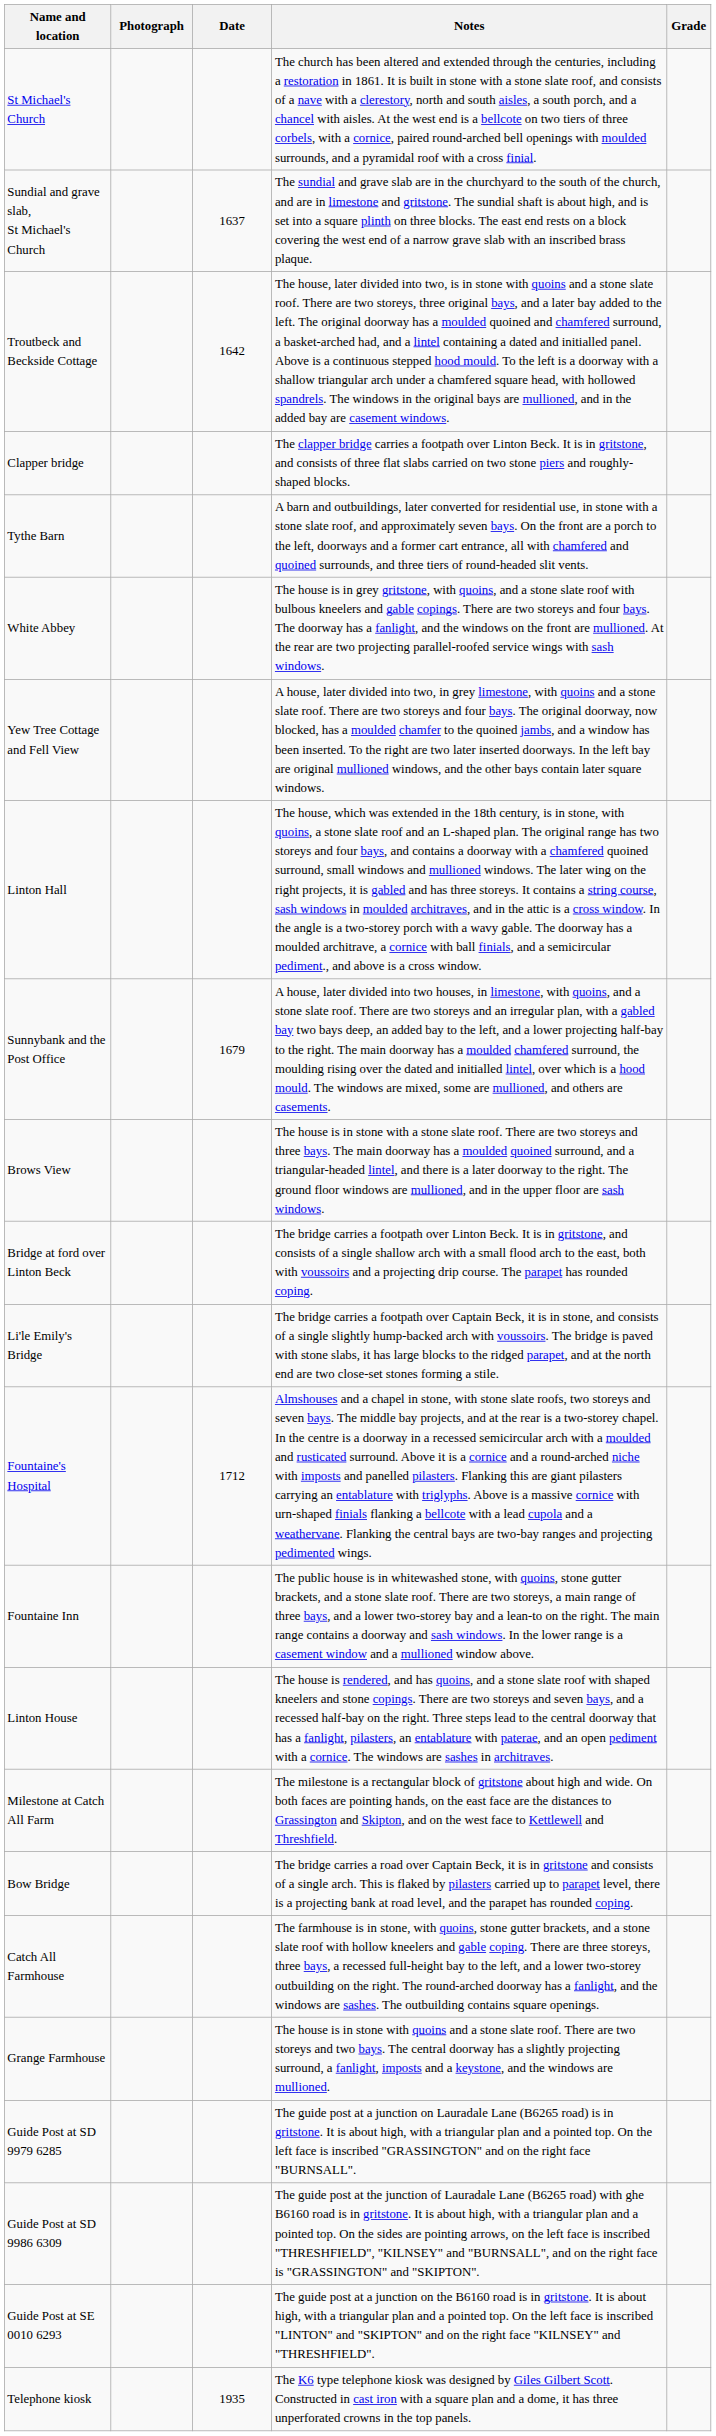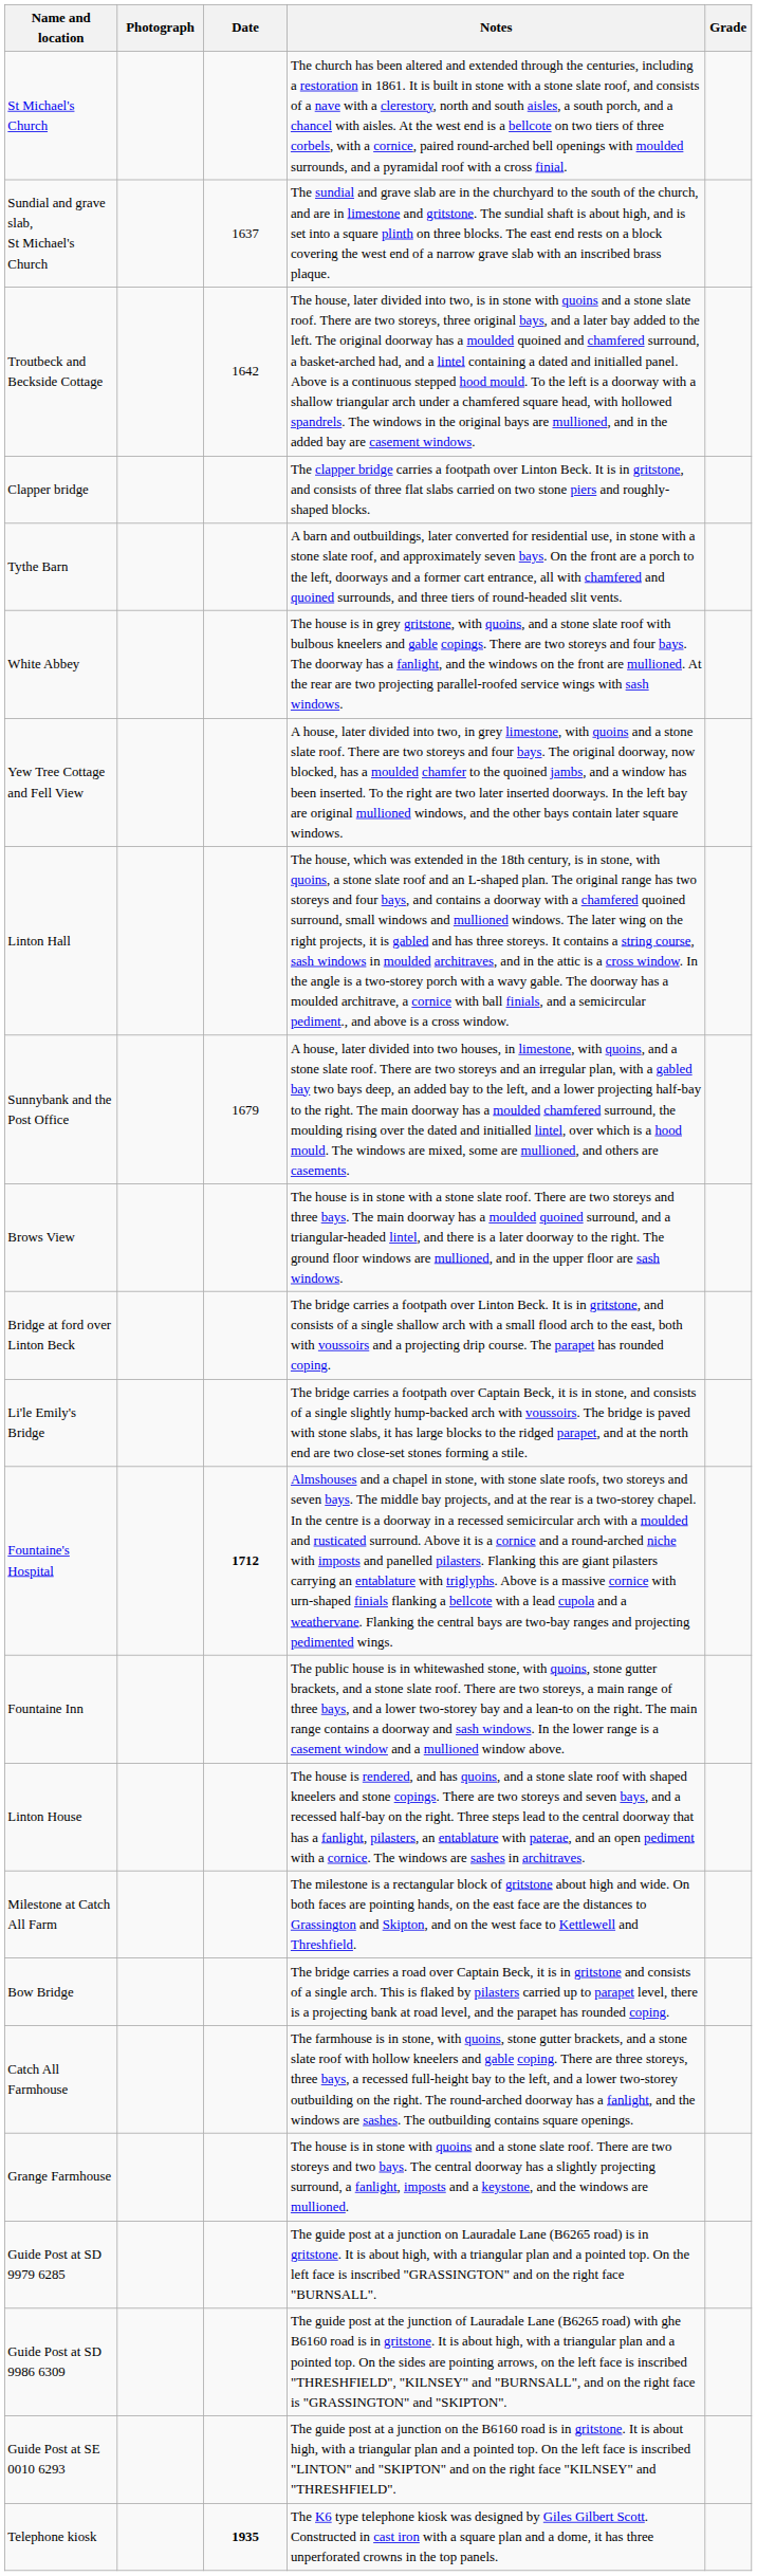 <table class="wikitable sortable plainrowheaders" style="width:100%; border:0px; text-align:left; line-height:150%">
 <tr>
 <th scope="col"  style="width:150px">Name and location</th>
 <th scope="col"  style="width:100px" class="unsortable">Photograph</th>
 <th scope="col"  style="width:120px">Date</th>
 <th scope="col"  style="width:650px" class="unsortable">Notes</th>
 <th scope="col"  style="width:50px">Grade</th>
 </tr>
 <tr>
 <td><a href='#'>St Michael's Church</a><br><small></small></td>
 <td></td>
 <td align="center"></td>
 <td>The church has been altered and extended through the centuries, including a <a href='#'>restoration</a> in 1861.  It is built in stone with a stone slate roof, and consists of a <a href='#'>nave</a> with a <a href='#'>clerestory</a>, north and south <a href='#'>aisles</a>, a south porch, and a <a href='#'>chancel</a> with aisles. At the west end is a <a href='#'>bellcote</a> on two tiers of three <a href='#'>corbels</a>, with a <a href='#'>cornice</a>, paired round-arched bell openings with <a href='#'>moulded</a> surrounds, and a pyramidal roof with a cross <a href='#'>finial</a>.</td>
 <td align="center" ></td>
 </tr>
 <tr>
 <td>Sundial and grave slab,<br>St Michael's Church<br><small></small></td>
 <td></td>
 <td align="center">1637</td>
 <td>The <a href='#'>sundial</a> and grave slab are in the churchyard to the south of the church, and are in <a href='#'>limestone</a> and <a href='#'>gritstone</a>. The sundial shaft is about  high, and is set into a square <a href='#'>plinth</a> on three blocks. The east end rests on a block covering the west end of a narrow grave slab with an inscribed brass plaque.</td>
 <td align="center" ></td>
 </tr>
 <tr>
 <td>Troutbeck and Beckside Cottage<br><small></small></td>
 <td></td>
 <td align="center">1642</td>
 <td>The house, later divided into two, is in stone with <a href='#'>quoins</a> and a stone slate roof. There are two storeys, three original <a href='#'>bays</a>, and a later bay added to the left. The original doorway has a <a href='#'>moulded</a> quoined and <a href='#'>chamfered</a> surround, a basket-arched had, and a <a href='#'>lintel</a> containing a dated and initialled panel. Above is a continuous stepped <a href='#'>hood mould</a>. To the left is a doorway with a shallow triangular arch under a chamfered square head, with hollowed <a href='#'>spandrels</a>. The windows in the original bays are <a href='#'>mullioned</a>, and in the added bay are <a href='#'>casement windows</a>.</td>
 <td align="center" ></td>
 </tr>
 <tr>
 <td>Clapper bridge<br><small></small></td>
 <td></td>
 <td align="center"></td>
 <td>The <a href='#'>clapper bridge</a> carries a footpath over Linton Beck. It is in <a href='#'>gritstone</a>, and consists of three flat slabs carried on two stone <a href='#'>piers</a> and roughly-shaped blocks.</td>
 <td align="center" ></td>
 </tr>
 <tr>
 <td>Tythe Barn<br><small></small></td>
 <td></td>
 <td align="center"></td>
 <td>A barn and outbuildings, later converted for residential use, in stone with a stone slate roof, and approximately seven <a href='#'>bays</a>. On the front are a porch to the left, doorways and a former cart entrance, all with <a href='#'>chamfered</a> and <a href='#'>quoined</a> surrounds, and three tiers of round-headed slit vents.</td>
 <td align="center" ></td>
 </tr>
 <tr>
 <td>White Abbey<br><small></small></td>
 <td></td>
 <td align="center"></td>
 <td>The house is in grey <a href='#'>gritstone</a>, with <a href='#'>quoins</a>, and a stone slate roof with bulbous kneelers and <a href='#'>gable</a> <a href='#'>copings</a>. There are two storeys and four <a href='#'>bays</a>. The doorway has a <a href='#'>fanlight</a>, and the windows on the front are <a href='#'>mullioned</a>. At the rear are two projecting parallel-roofed service wings with <a href='#'>sash windows</a>.</td>
 <td align="center" ></td>
 </tr>
 <tr>
 <td>Yew Tree Cottage and Fell View<br><small></small></td>
 <td></td>
 <td align="center"></td>
 <td>A house, later divided into two, in grey <a href='#'>limestone</a>, with <a href='#'>quoins</a> and a stone slate roof. There are two storeys and four <a href='#'>bays</a>. The original doorway, now blocked, has a <a href='#'>moulded</a> <a href='#'>chamfer</a> to the quoined <a href='#'>jambs</a>, and a window has been inserted. To the right are two later inserted doorways. In the left bay are original <a href='#'>mullioned</a> windows, and the other bays contain later square windows.</td>
 <td align="center" ></td>
 </tr>
 <tr>
 <td>Linton Hall<br><small></small></td>
 <td></td>
 <td align="center"></td>
 <td>The house, which was extended in the 18th century, is in stone, with <a href='#'>quoins</a>, a stone slate roof and an L-shaped plan. The original range has two storeys and four <a href='#'>bays</a>, and contains a doorway with a <a href='#'>chamfered</a> quoined surround, small windows and <a href='#'>mullioned</a> windows. The later wing on the right projects, it is <a href='#'>gabled</a> and has three storeys. It contains a <a href='#'>string course</a>, <a href='#'>sash windows</a> in <a href='#'>moulded</a> <a href='#'>architraves</a>, and in the attic is a <a href='#'>cross window</a>. In the angle is a two-storey porch with a wavy gable. The doorway has a moulded architrave, a <a href='#'>cornice</a> with ball <a href='#'>finials</a>, and a semicircular <a href='#'>pediment</a>., and above is a cross window.</td>
 <td align="center" ></td>
 </tr>
 <tr>
 <td>Sunnybank and the Post Office<br><small></small></td>
 <td></td>
 <td align="center">1679</td>
 <td>A house, later divided into two houses, in <a href='#'>limestone</a>, with <a href='#'>quoins</a>, and a stone slate roof. There are two storeys and an irregular plan, with a <a href='#'>gabled</a> <a href='#'>bay</a> two bays deep, an added bay to the left, and a lower projecting half-bay to the right. The main doorway has a <a href='#'>moulded</a> <a href='#'>chamfered</a> surround, the moulding rising over the dated and initialled <a href='#'>lintel</a>, over which is a <a href='#'>hood mould</a>. The windows are mixed, some are <a href='#'>mullioned</a>, and others are <a href='#'>casements</a>.</td>
 <td align="center" ></td>
 </tr>
 <tr>
 <td>Brows View<br><small></small></td>
 <td></td>
 <td align="center"></td>
 <td>The house is in stone with a stone slate roof. There are two storeys and three <a href='#'>bays</a>. The main doorway has a <a href='#'>moulded</a> <a href='#'>quoined</a> surround, and a triangular-headed <a href='#'>lintel</a>, and there is a later doorway to the right. The ground floor windows are <a href='#'>mullioned</a>, and in the upper floor are <a href='#'>sash windows</a>.</td>
 <td align="center" ></td>
 </tr>
 <tr>
 <td>Bridge at ford over Linton Beck<br><small></small></td>
 <td></td>
 <td align="center"></td>
 <td>The bridge carries a footpath over Linton Beck. It is in <a href='#'>gritstone</a>, and consists of a single shallow arch with a small flood arch to the east, both with <a href='#'>voussoirs</a> and a projecting drip course. The <a href='#'>parapet</a> has rounded <a href='#'>coping</a>.</td>
 <td align="center" ></td>
 </tr>
 <tr>
 <td>Li'le Emily's Bridge<br><small></small></td>
 <td></td>
 <td align="center"></td>
 <td>The bridge carries a footpath over Captain Beck, it is in stone, and consists of a single slightly hump-backed arch with <a href='#'>voussoirs</a>. The bridge is paved with stone slabs, it has large blocks to the ridged <a href='#'>parapet</a>, and at the north end are two close-set stones forming a stile.</td>
 <td align="center" ></td>
 </tr>
 <tr>
 <td><a href='#'>Fountaine's Hospital</a><br><small></small></td>
 <td></td>
-<td align="center">1712</td>
+<td align="center"><strong>1712</strong></td>
 <td><a href='#'>Almshouses</a> and a chapel in stone, with stone slate roofs, two storeys and seven <a href='#'>bays</a>. The middle bay projects, and at the rear is a two-storey chapel. In the centre is a doorway in a recessed semicircular arch with a <a href='#'>moulded</a> and <a href='#'>rusticated</a> surround. Above it is a <a href='#'>cornice</a> and a round-arched <a href='#'>niche</a> with <a href='#'>imposts</a> and panelled <a href='#'>pilasters</a>. Flanking this are giant pilasters carrying an <a href='#'>entablature</a> with <a href='#'>triglyphs</a>. Above is a massive <a href='#'>cornice</a> with urn-shaped <a href='#'>finials</a> flanking a <a href='#'>bellcote</a> with a lead <a href='#'>cupola</a> and a <a href='#'>weathervane</a>. Flanking the central bays are two-bay ranges and projecting <a href='#'>pedimented</a> wings.</td>
 <td align="center" ></td>
 </tr>
 <tr>
 <td>Fountaine Inn<br><small></small></td>
 <td></td>
 <td align="center"></td>
 <td>The public house is in whitewashed stone, with <a href='#'>quoins</a>, stone gutter brackets, and a stone slate roof. There are two storeys, a main range of three <a href='#'>bays</a>, and a lower two-storey bay and a lean-to on the right. The main range contains a doorway and <a href='#'>sash windows</a>. In the lower range is a <a href='#'>casement window</a> and a <a href='#'>mullioned</a> window above.</td>
 <td align="center" ></td>
 </tr>
 <tr>
 <td>Linton House<br><small></small></td>
 <td></td>
 <td align="center"></td>
 <td>The house is <a href='#'>rendered</a>, and has <a href='#'>quoins</a>, and a stone slate roof with shaped kneelers and stone <a href='#'>copings</a>. There are two storeys and seven <a href='#'>bays</a>, and a recessed half-bay on the right. Three steps lead to the central doorway that has a <a href='#'>fanlight</a>, <a href='#'>pilasters</a>, an <a href='#'>entablature</a> with <a href='#'>paterae</a>, and an open <a href='#'>pediment</a> with a <a href='#'>cornice</a>. The windows are <a href='#'>sashes</a> in <a href='#'>architraves</a>.</td>
 <td align="center" ></td>
 </tr>
 <tr>
 <td>Milestone at Catch All Farm<br><small></small></td>
 <td></td>
 <td align="center"></td>
 <td>The milestone is a rectangular block of <a href='#'>gritstone</a> about  high and  wide. On both faces are pointing hands, on the east face are the distances to <a href='#'>Grassington</a> and <a href='#'>Skipton</a>, and on the west face to <a href='#'>Kettlewell</a> and <a href='#'>Threshfield</a>.</td>
 <td align="center" ></td>
 </tr>
 <tr>
 <td>Bow Bridge<br><small></small></td>
 <td></td>
 <td align="center"></td>
 <td>The bridge carries a road over Captain Beck, it is in <a href='#'>gritstone</a> and consists of a single arch. This is flaked by <a href='#'>pilasters</a> carried up to <a href='#'>parapet</a> level, there is a projecting bank at road level, and the parapet has rounded <a href='#'>coping</a>.</td>
 <td align="center" ></td>
 </tr>
 <tr>
 <td>Catch All Farmhouse<br><small></small></td>
 <td></td>
 <td align="center"></td>
 <td>The farmhouse is in stone, with <a href='#'>quoins</a>, stone gutter brackets, and a stone slate roof with hollow kneelers and <a href='#'>gable</a> <a href='#'>coping</a>. There are three storeys, three <a href='#'>bays</a>, a recessed full-height bay to the left, and a lower two-storey outbuilding on the right. The round-arched doorway has a <a href='#'>fanlight</a>, and the windows are <a href='#'>sashes</a>. The outbuilding contains square openings.</td>
 <td align="center" ></td>
 </tr>
 <tr>
 <td>Grange Farmhouse<br><small></small></td>
 <td></td>
 <td align="center"></td>
 <td>The house is in stone with <a href='#'>quoins</a> and a stone slate roof. There are two storeys and two <a href='#'>bays</a>. The central doorway has a slightly projecting surround, a <a href='#'>fanlight</a>, <a href='#'>imposts</a> and a <a href='#'>keystone</a>, and the windows are <a href='#'>mullioned</a>.</td>
 <td align="center" ></td>
 </tr>
 <tr>
 <td>Guide Post at SD 9979 6285<br><small></small></td>
 <td></td>
 <td align="center"></td>
 <td>The guide post at a junction on Lauradale Lane (B6265 road) is in <a href='#'>gritstone</a>. It is about  high, with a triangular plan and a pointed top. On the left face is inscribed "GRASSINGTON" and on the right face "BURNSALL".</td>
 <td align="center" ></td>
 </tr>
 <tr>
 <td>Guide Post at SD 9986 6309<br><small></small></td>
 <td></td>
 <td align="center"></td>
 <td>The guide post at the junction of Lauradale Lane (B6265 road) with ghe B6160 road is in <a href='#'>gritstone</a>. It is about  high, with a triangular plan and a pointed top. On the sides are pointing arrows, on the left face is inscribed "THRESHFIELD", "KILNSEY" and "BURNSALL", and on the right face is "GRASSINGTON" and "SKIPTON".</td>
 <td align="center" ></td>
 </tr>
 <tr>
 <td>Guide Post at SE 0010 6293<br><small></small></td>
 <td></td>
 <td align="center"></td>
 <td>The guide post at a junction on the B6160 road is in <a href='#'>gritstone</a>. It is about  high, with a triangular plan and a pointed top. On the left face is inscribed "LINTON" and "SKIPTON" and on the right face "KILNSEY" and "THRESHFIELD".</td>
 <td align="center" ></td>
 </tr>
 <tr>
 <td>Telephone kiosk<br><small></small></td>
 <td></td>
-<td align="center">1935</td>
+<td align="center"><strong>1935</strong></td>
 <td>The <a href='#'>K6</a> type telephone kiosk was designed by <a href='#'>Giles Gilbert Scott</a>.  Constructed in <a href='#'>cast iron</a> with a square plan and a dome, it has three unperforated crowns in the top panels.</td>
 <td align="center" ></td>
 </tr>
 <tr>
 </tr>
 </table>
